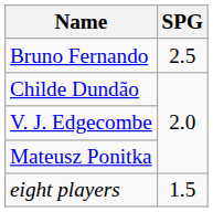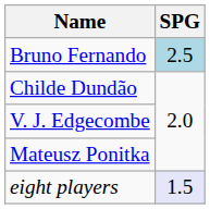 <table class=wikitable>
 <tr>
 <th>Name</th>
 <th>SPG</th>
 </tr>
 <tr>
 <td> <a href='#'>Bruno Fernando</a></td>
-<td align=center>2.5</td>
+<td align=center style="background: lightblue;">2.5</td>
 </tr>
 <tr>
 <td> <a href='#'>Childe Dundão</a></td>
 <td align=center rowspan=3>2.0</td>
 </tr>
 <tr>
 <td> <a href='#'>V. J. Edgecombe</a></td>
 </tr>
 <tr>
 <td> <a href='#'>Mateusz Ponitka</a></td>
 </tr>
 <tr>
 <td><em>eight players</em></td>
-<td align=center>1.5</td>
+<td align=center style="background: lavender;">1.5</td>
 </tr>
 </table>
